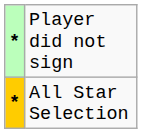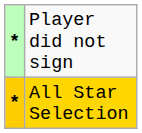 <table class="wikitable" style="width:15%;">
 <tr>
 <th scope="row" style="background:#bfb;">*</th>
 <td>Player did not sign</td>
 </tr>
 <tr>
 <th scope="row" style="background:#FFCC00;">*</th>
-<td>All Star Selection</td>
+<td style="background: gold;">All Star Selection</td>
 </tr>
 </table>
